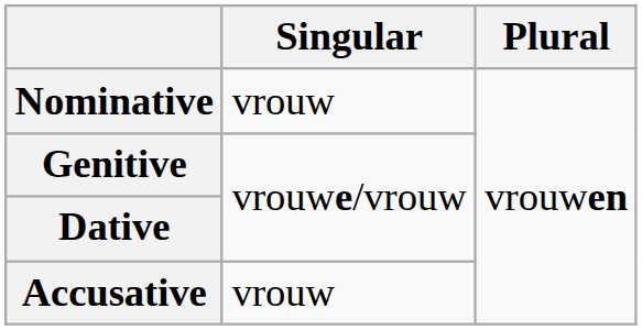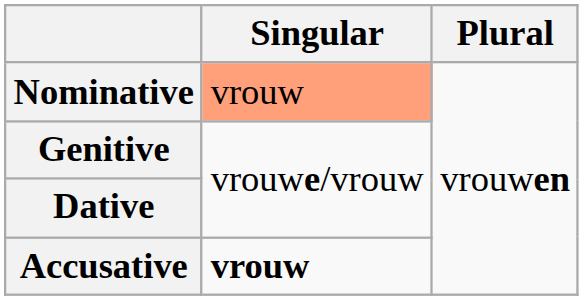 <table class="wikitable">
 <tr>
 <th></th>
 <th>Singular</th>
 <th>Plural</th>
 </tr>
 <tr>
 <th>Nominative</th>
-<td>vrouw</td>
+<td style="background: lightsalmon;">vrouw</td>
 <td rowspan="4">vrouw<strong>en</strong></td>
 </tr>
 <tr>
 <th>Genitive</th>
 <td rowspan="2">vrouw<strong>e</strong>/vrouw</td>
 </tr>
 <tr>
 <th>Dative</th>
 </tr>
 <tr>
 <th>Accusative</th>
-<td>vrouw</td>
+<td><strong>vrouw</strong></td>
 </tr>
 </table>
